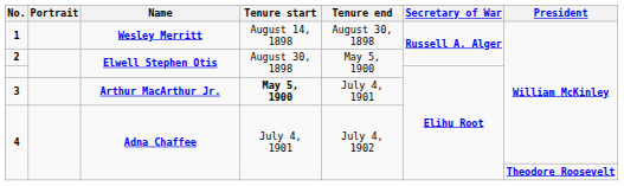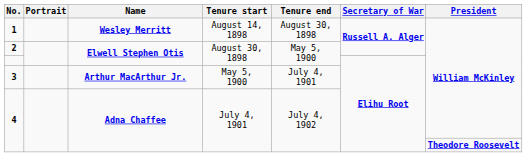 <table class="wikitable" style="text-align:center" |>
 <tr>
 <th>No.</th>
 <th>Portrait</th>
 <th width="200px">Name</th>
 <th width="100px">Tenure start</th>
 <th width="100px">Tenure end</th>
 <th><a href='#'>Secretary of War</a></th>
 <th><a href='#'>President</a></th>
 </tr>
 <tr>
 <td><strong>1</strong></td>
 <td></td>
 <td><strong><a href='#'>Wesley Merritt</a></strong><br></td>
 <td>August 14,<br>1898</td>
 <td>August 30,<br>1898</td>
 <td rowspan="2"><a href='#'><strong>Russell A. Alger</strong></a> </td>
 <td rowspan="5"><strong><a href='#'>William McKinley</a></strong><br></td>
 </tr>
 <tr>
 <td><strong>2</strong></td>
 <td rowspan="2"></td>
 <td rowspan="2"><strong><a href='#'>Elwell Stephen Otis</a></strong><br></td>
 <td rowspan="2">August 30,<br>1898</td>
 <td rowspan="2">May 5,<br>1900</td>
 </tr>
 <tr>
 <td></td>
 <td rowspan="4"><a href='#'><strong>Elihu Root</strong></a> </td>
 </tr>
 <tr>
 <td><strong>3</strong></td>
 <td></td>
 <td><strong><a href='#'>Arthur MacArthur Jr.</a></strong><br></td>
-<td><strong>May 5,<br>1900</strong></td>
+<td>May 5,<br>1900</td>
 <td>July 4,<br>1901</td>
 </tr>
 <tr style="height:76px;">
 <td rowspan="2"><strong>4</strong></td>
 <td rowspan="2"></td>
 <td rowspan="2"><strong><a href='#'>Adna Chaffee</a></strong><br></td>
 <td rowspan="2">July 4,<br>1901</td>
 <td rowspan="2">July 4,<br>1902</td>
 </tr>
 <tr>
 <td><strong><a href='#'>Theodore Roosevelt</a></strong><br></td>
 </tr>
 </table>
